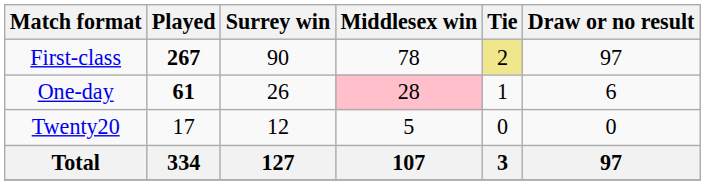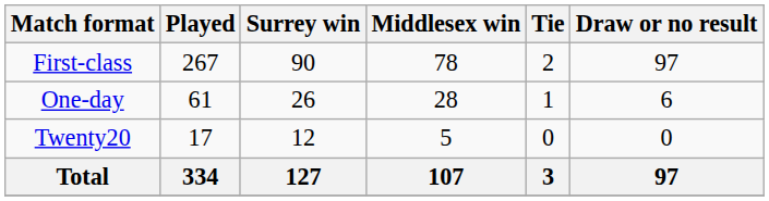 <table class="wikitable" style="text-align:center;">
 <tr>
 <th>Match format</th>
 <th>Played</th>
 <th>Surrey win</th>
 <th>Middlesex win</th>
 <th>Tie</th>
 <th>Draw or no result</th>
 </tr>
 <tr>
 <td><a href='#'>First-class</a></td>
-<td><strong>267</strong></td>
+<td>267</td>
 <td>90</td>
 <td>78</td>
-<td style="background: khaki;">2</td>
+<td>2</td>
 <td>97</td>
 </tr>
 <tr>
 <td><a href='#'>One-day</a></td>
-<td><strong>61</strong></td>
+<td>61</td>
 <td>26</td>
-<td style="background: pink;">28</td>
+<td>28</td>
 <td>1</td>
 <td>6</td>
 </tr>
 <tr>
 <td><a href='#'>Twenty20</a></td>
 <td>17</td>
 <td>12</td>
 <td>5</td>
 <td>0</td>
 <td>0</td>
 </tr>
 <tr>
 <th>Total</th>
 <th>334</th>
 <th>127</th>
 <th>107</th>
 <th>3</th>
 <th>97</th>
 </tr>
 <tr>
 </tr>
 </table>
